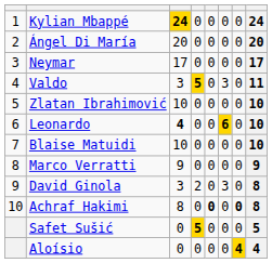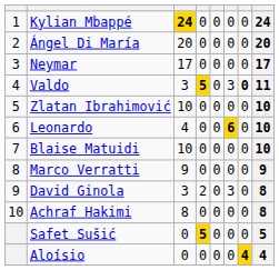 <table class="wikitable plainrowheaders sortable" style="text-align:center">
 <tr>
 <th></th>
 <th></th>
 <th></th>
 <th></th>
 <th></th>
 <th></th>
 <th></th>
 <th></th>
 </tr>
 <tr>
 <td>1</td>
 <td align="left"> <a href='#'>Kylian Mbappé</a></td>
 <td style=background:gold><strong>24</strong></td>
 <td>0</td>
 <td>0</td>
 <td>0</td>
 <td>0</td>
 <th>24</th>
 </tr>
 <tr>
 <td>2</td>
 <td align="left"> <a href='#'>Ángel Di María</a></td>
 <td>20</td>
 <td>0</td>
 <td>0</td>
 <td>0</td>
 <td>0</td>
 <th>20</th>
 </tr>
 <tr>
 <td>3</td>
 <td align="left"> <a href='#'>Neymar</a></td>
 <td>17</td>
 <td>0</td>
 <td>0</td>
 <td>0</td>
 <td>0</td>
 <th>17</th>
 </tr>
 <tr>
 <td>4</td>
 <td align="left"> <a href='#'>Valdo</a></td>
 <td>3</td>
 <td style=background:gold><strong>5</strong></td>
 <td>0</td>
 <td>3</td>
-<td>0</td>
+<td><strong>0</strong></td>
 <th>11</th>
 </tr>
 <tr>
 <td>5</td>
 <td align="left"> <a href='#'>Zlatan Ibrahimović</a></td>
 <td>10</td>
 <td>0</td>
 <td>0</td>
 <td>0</td>
 <td>0</td>
 <th>10</th>
 </tr>
 <tr>
 <td>6</td>
 <td align="left"> <a href='#'>Leonardo</a></td>
-<td><strong>4</strong></td>
+<td>4</td>
 <td>0</td>
 <td>0</td>
 <td style=background:gold><strong>6</strong></td>
 <td>0</td>
 <th>10</th>
 </tr>
 <tr>
 <td>7</td>
 <td align="left"> <a href='#'>Blaise Matuidi</a></td>
 <td>10</td>
 <td>0</td>
 <td>0</td>
 <td>0</td>
 <td>0</td>
 <th>10</th>
 </tr>
 <tr>
 <td>8</td>
 <td align="left"> <a href='#'>Marco Verratti</a></td>
 <td>9</td>
 <td>0</td>
 <td>0</td>
 <td>0</td>
 <td>0</td>
 <th>9</th>
 </tr>
 <tr>
 <td>9</td>
 <td align="left"> <a href='#'>David Ginola</a></td>
 <td>3</td>
 <td>2</td>
 <td>0</td>
 <td>3</td>
 <td>0</td>
 <th>8</th>
 </tr>
 <tr>
 <td>10</td>
 <td align="left"> <a href='#'>Achraf Hakimi</a></td>
 <td>8</td>
 <td>0</td>
-<td><strong>0</strong></td>
 <td>0</td>
-<td><strong>0</strong></td>
+<td>0</td>
+<td>0</td>
 <th>8</th>
 </tr>
 <tr>
 <th></th>
 <td align="left"> <a href='#'>Safet Sušić</a></td>
 <td>0</td>
 <td style=background:gold><strong>5</strong></td>
 <td>0</td>
 <td>0</td>
 <td>0</td>
 <th>5</th>
 </tr>
 <tr>
 <th></th>
 <td align="left"> <a href='#'>Aloísio</a></td>
 <td>0</td>
 <td>0</td>
 <td>0</td>
 <td>0</td>
 <td style=background:gold><strong>4</strong></td>
 <th>4</th>
 </tr>
 </table>
